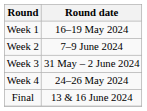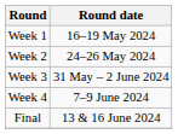 <table class="wikitable" style="text-align:center">
 <tr>
 <th>Round</th>
 <th>Round date</th>
 </tr>
 <tr>
 <td>Week 1</td>
 <td>16–19 May 2024</td>
 </tr>
 <tr>
 <td>Week 2</td>
-<td>7–9 June 2024</td>
+<td>24–26 May 2024</td>
 </tr>
 <tr>
 <td>Week 3</td>
 <td>31 May – 2 June 2024</td>
 </tr>
 <tr>
 <td>Week 4</td>
-<td>24–26 May 2024</td>
+<td>7–9 June 2024</td>
 </tr>
 <tr>
 <td>Final</td>
 <td>13 & 16 June 2024</td>
 </tr>
 <tr>
 </tr>
 </table>
